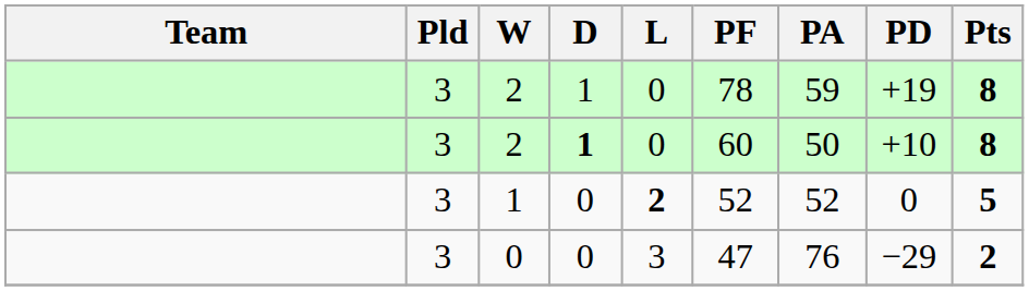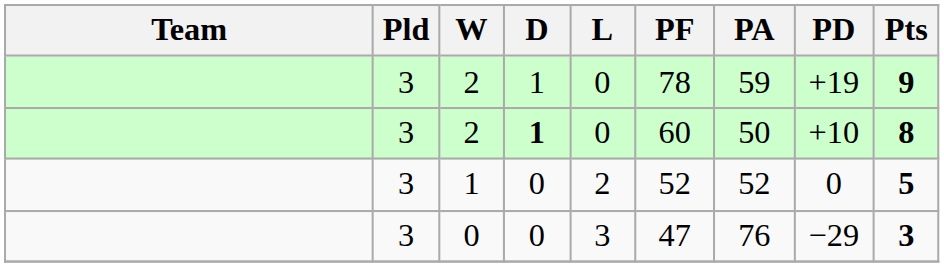 <table class="wikitable" style="text-align:center">
 <tr>
 <th width=175>Team</th>
 <th width=25 abbr="Played">Pld</th>
 <th width=25 abbr="Won">W</th>
 <th width=25 abbr="Drawn">D</th>
 <th width=25 abbr="Lost">L</th>
 <th width=32 abbr="Points for">PF</th>
 <th width=32 abbr="Points against">PA</th>
 <th width=32 abbr="Points difference">PD</th>
 <th width=25 abbr="Points">Pts</th>
 </tr>
 <tr style="background:#cfc">
 <td align=left></td>
 <td>3</td>
 <td>2</td>
 <td>1</td>
 <td>0</td>
 <td>78</td>
 <td>59</td>
 <td>+19</td>
-<td><strong>8</strong></td>
+<td><strong>9</strong></td>
 </tr>
 <tr style="background:#cfc">
 <td align=left></td>
 <td>3</td>
 <td>2</td>
 <td><strong>1</strong></td>
 <td>0</td>
 <td>60</td>
 <td>50</td>
 <td>+10</td>
 <td><strong>8</strong></td>
 </tr>
 <tr>
 <td align=left></td>
 <td>3</td>
 <td>1</td>
 <td>0</td>
-<td><strong>2</strong></td>
+<td>2</td>
 <td>52</td>
 <td>52</td>
 <td>0</td>
 <td><strong>5</strong></td>
 </tr>
 <tr>
 <td align=left></td>
 <td>3</td>
 <td>0</td>
 <td>0</td>
 <td>3</td>
 <td>47</td>
 <td>76</td>
 <td>−29</td>
-<td><strong>2</strong></td>
+<td><strong>3</strong></td>
 </tr>
 <tr>
 </tr>
 </table>
